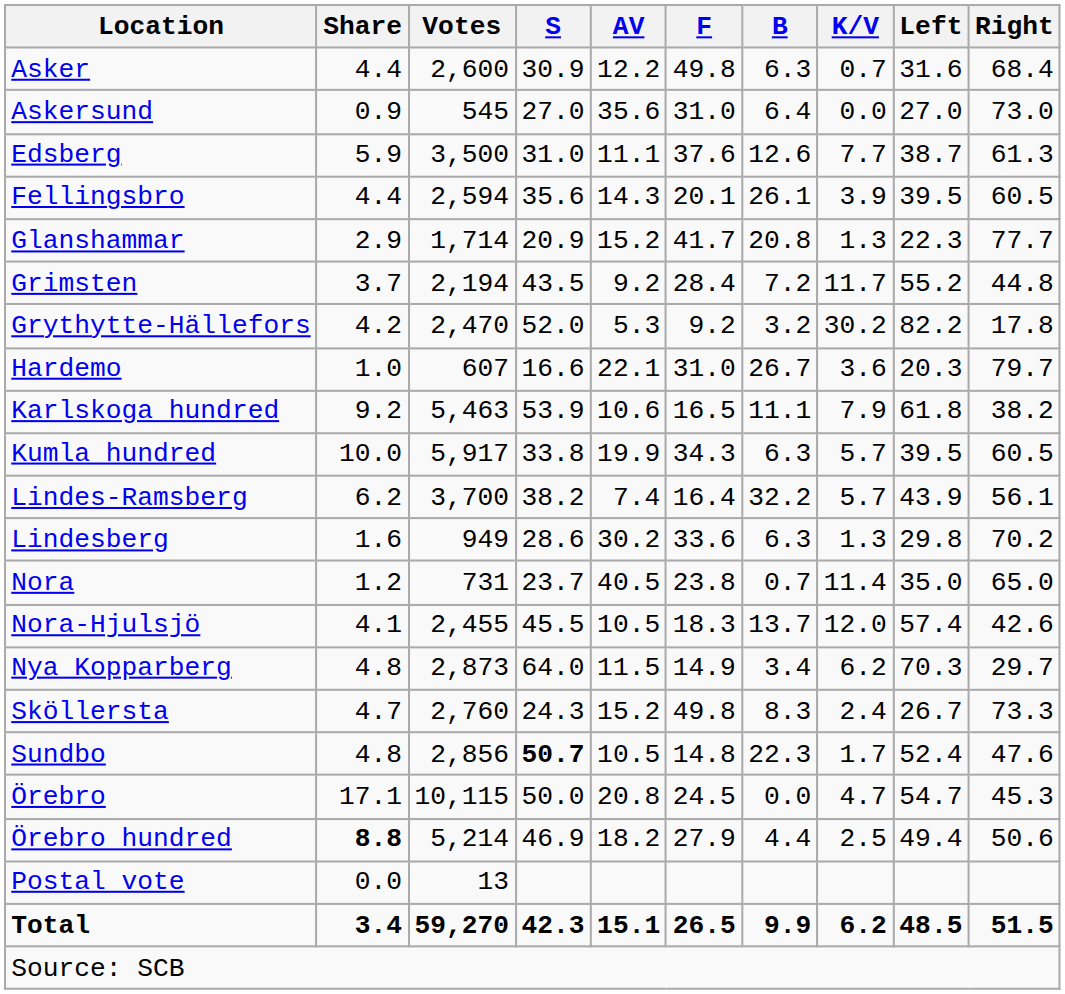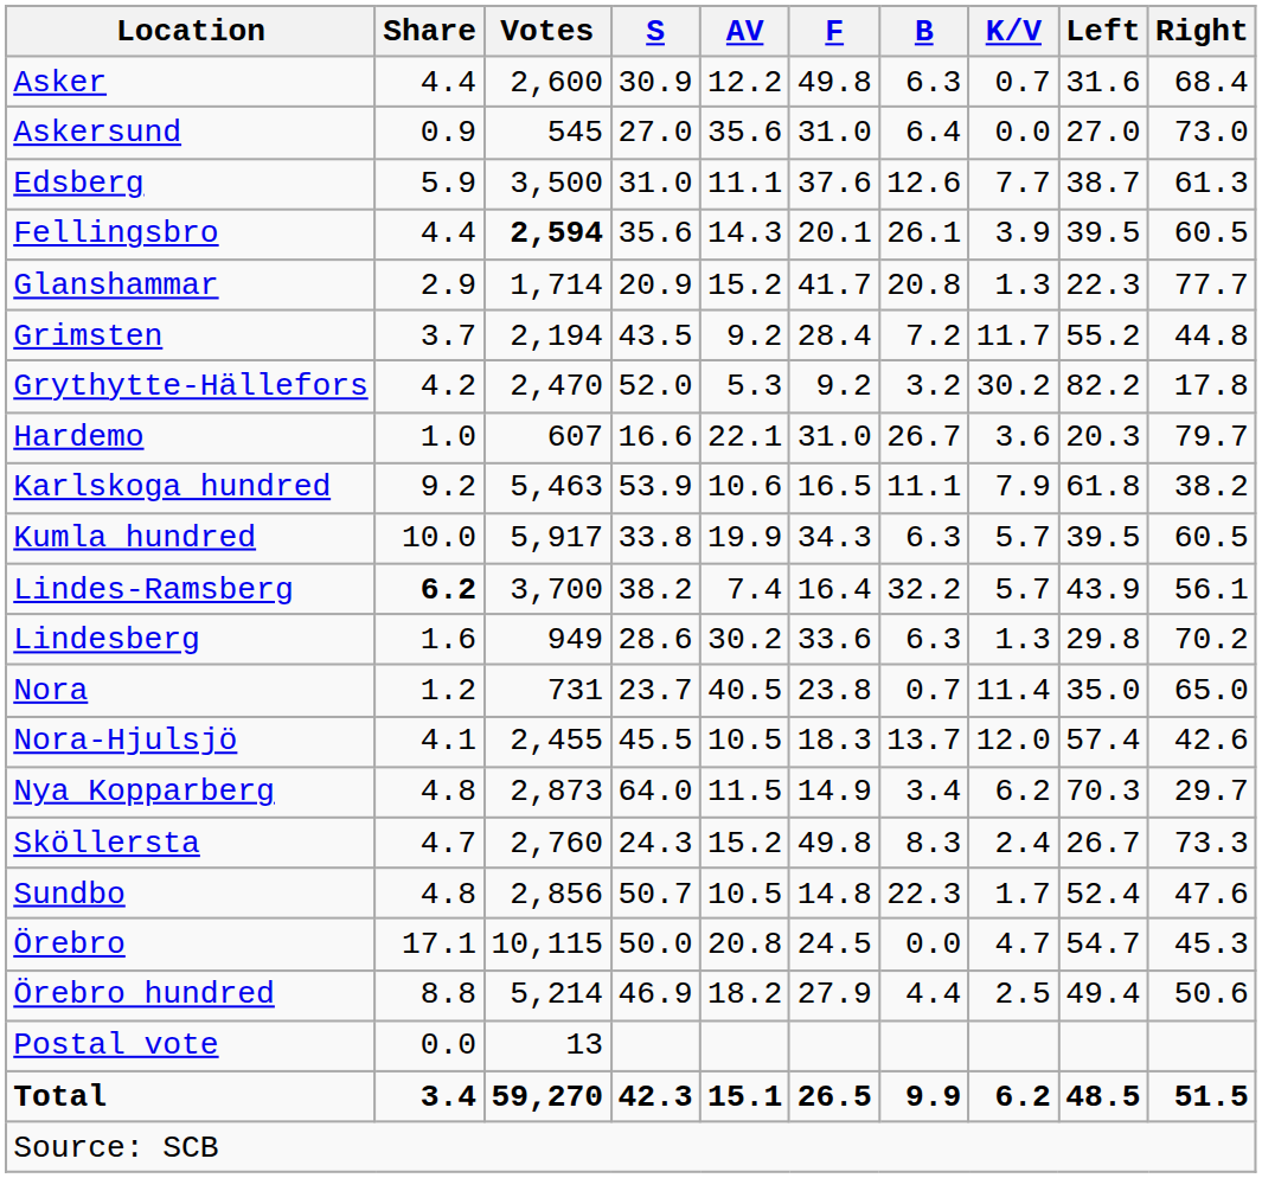 <table class="wikitable sortable" style=text-align:right>
 <tr>
 <th>Location</th>
 <th>Share</th>
 <th>Votes</th>
 <th><a href='#'>S</a></th>
 <th><a href='#'>AV</a></th>
 <th><a href='#'>F</a></th>
 <th><a href='#'>B</a></th>
 <th><a href='#'>K/V</a></th>
 <th>Left</th>
 <th>Right</th>
 </tr>
 <tr>
 <td align=left><a href='#'>Asker</a></td>
 <td>4.4</td>
 <td>2,600</td>
 <td>30.9</td>
 <td>12.2</td>
 <td>49.8</td>
 <td>6.3</td>
 <td>0.7</td>
 <td>31.6</td>
 <td>68.4</td>
 </tr>
 <tr>
 <td align=left><a href='#'>Askersund</a></td>
 <td>0.9</td>
 <td>545</td>
 <td>27.0</td>
 <td>35.6</td>
 <td>31.0</td>
 <td>6.4</td>
 <td>0.0</td>
 <td>27.0</td>
 <td>73.0</td>
 </tr>
 <tr>
 <td align=left><a href='#'>Edsberg</a></td>
 <td>5.9</td>
 <td>3,500</td>
 <td>31.0</td>
 <td>11.1</td>
 <td>37.6</td>
 <td>12.6</td>
 <td>7.7</td>
 <td>38.7</td>
 <td>61.3</td>
 </tr>
 <tr>
 <td align=left><a href='#'>Fellingsbro</a></td>
 <td>4.4</td>
-<td>2,594</td>
+<td><strong>2,594</strong></td>
 <td>35.6</td>
 <td>14.3</td>
 <td>20.1</td>
 <td>26.1</td>
 <td>3.9</td>
 <td>39.5</td>
 <td>60.5</td>
 </tr>
 <tr>
 <td align=left><a href='#'>Glanshammar</a></td>
 <td>2.9</td>
 <td>1,714</td>
 <td>20.9</td>
 <td>15.2</td>
 <td>41.7</td>
 <td>20.8</td>
 <td>1.3</td>
 <td>22.3</td>
 <td>77.7</td>
 </tr>
 <tr>
 <td align=left><a href='#'>Grimsten</a></td>
 <td>3.7</td>
 <td>2,194</td>
 <td>43.5</td>
 <td>9.2</td>
 <td>28.4</td>
 <td>7.2</td>
 <td>11.7</td>
 <td>55.2</td>
 <td>44.8</td>
 </tr>
 <tr>
 <td align=left><a href='#'>Grythytte-Hällefors</a></td>
 <td>4.2</td>
 <td>2,470</td>
 <td>52.0</td>
 <td>5.3</td>
 <td>9.2</td>
 <td>3.2</td>
 <td>30.2</td>
 <td>82.2</td>
 <td>17.8</td>
 </tr>
 <tr>
 <td align=left><a href='#'>Hardemo</a></td>
 <td>1.0</td>
 <td>607</td>
 <td>16.6</td>
 <td>22.1</td>
 <td>31.0</td>
 <td>26.7</td>
 <td>3.6</td>
 <td>20.3</td>
 <td>79.7</td>
 </tr>
 <tr>
 <td align=left><a href='#'>Karlskoga hundred</a></td>
 <td>9.2</td>
 <td>5,463</td>
 <td>53.9</td>
 <td>10.6</td>
 <td>16.5</td>
 <td>11.1</td>
 <td>7.9</td>
 <td>61.8</td>
 <td>38.2</td>
 </tr>
 <tr>
 <td align=left><a href='#'>Kumla hundred</a></td>
 <td>10.0</td>
 <td>5,917</td>
 <td>33.8</td>
 <td>19.9</td>
 <td>34.3</td>
 <td>6.3</td>
 <td>5.7</td>
 <td>39.5</td>
 <td>60.5</td>
 </tr>
 <tr>
 <td align=left><a href='#'>Lindes-Ramsberg</a></td>
-<td>6.2</td>
+<td><strong>6.2</strong></td>
 <td>3,700</td>
 <td>38.2</td>
 <td>7.4</td>
 <td>16.4</td>
 <td>32.2</td>
 <td>5.7</td>
 <td>43.9</td>
 <td>56.1</td>
 </tr>
 <tr>
 <td align=left><a href='#'>Lindesberg</a></td>
 <td>1.6</td>
 <td>949</td>
 <td>28.6</td>
 <td>30.2</td>
 <td>33.6</td>
 <td>6.3</td>
 <td>1.3</td>
 <td>29.8</td>
 <td>70.2</td>
 </tr>
 <tr>
 <td align=left><a href='#'>Nora</a></td>
 <td>1.2</td>
 <td>731</td>
 <td>23.7</td>
 <td>40.5</td>
 <td>23.8</td>
 <td>0.7</td>
 <td>11.4</td>
 <td>35.0</td>
 <td>65.0</td>
 </tr>
 <tr>
 <td align=left><a href='#'>Nora-Hjulsjö</a></td>
 <td>4.1</td>
 <td>2,455</td>
 <td>45.5</td>
 <td>10.5</td>
 <td>18.3</td>
 <td>13.7</td>
 <td>12.0</td>
 <td>57.4</td>
 <td>42.6</td>
 </tr>
 <tr>
 <td align=left><a href='#'>Nya Kopparberg</a></td>
 <td>4.8</td>
 <td>2,873</td>
 <td>64.0</td>
 <td>11.5</td>
 <td>14.9</td>
 <td>3.4</td>
 <td>6.2</td>
 <td>70.3</td>
 <td>29.7</td>
 </tr>
 <tr>
 <td align=left><a href='#'>Sköllersta</a></td>
 <td>4.7</td>
 <td>2,760</td>
 <td>24.3</td>
 <td>15.2</td>
 <td>49.8</td>
 <td>8.3</td>
 <td>2.4</td>
 <td>26.7</td>
 <td>73.3</td>
 </tr>
 <tr>
 <td align=left><a href='#'>Sundbo</a></td>
 <td>4.8</td>
 <td>2,856</td>
-<td><strong>50.7</strong></td>
+<td>50.7</td>
 <td>10.5</td>
 <td>14.8</td>
 <td>22.3</td>
 <td>1.7</td>
 <td>52.4</td>
 <td>47.6</td>
 </tr>
 <tr>
 <td align=left><a href='#'>Örebro</a></td>
 <td>17.1</td>
 <td>10,115</td>
 <td>50.0</td>
 <td>20.8</td>
 <td>24.5</td>
 <td>0.0</td>
 <td>4.7</td>
 <td>54.7</td>
 <td>45.3</td>
 </tr>
 <tr>
 <td align=left><a href='#'>Örebro hundred</a></td>
-<td><strong>8.8</strong></td>
+<td>8.8</td>
 <td>5,214</td>
 <td>46.9</td>
 <td>18.2</td>
 <td>27.9</td>
 <td>4.4</td>
 <td>2.5</td>
 <td>49.4</td>
 <td>50.6</td>
 </tr>
 <tr>
 <td align=left><a href='#'>Postal vote</a></td>
 <td>0.0</td>
 <td>13</td>
 <td></td>
 <td></td>
 <td></td>
 <td></td>
 <td></td>
 <td></td>
 <td></td>
 </tr>
 <tr>
 <td align=left><strong>Total</strong></td>
 <td><strong>3.4</strong></td>
 <td><strong>59,270</strong></td>
 <td><strong>42.3</strong></td>
 <td><strong>15.1</strong></td>
 <td><strong>26.5</strong></td>
 <td><strong>9.9</strong></td>
 <td><strong>6.2</strong></td>
 <td><strong>48.5</strong></td>
 <td><strong>51.5</strong></td>
 </tr>
 <tr>
 <td align=left colspan=10>Source: SCB </td>
 </tr>
 </table>
